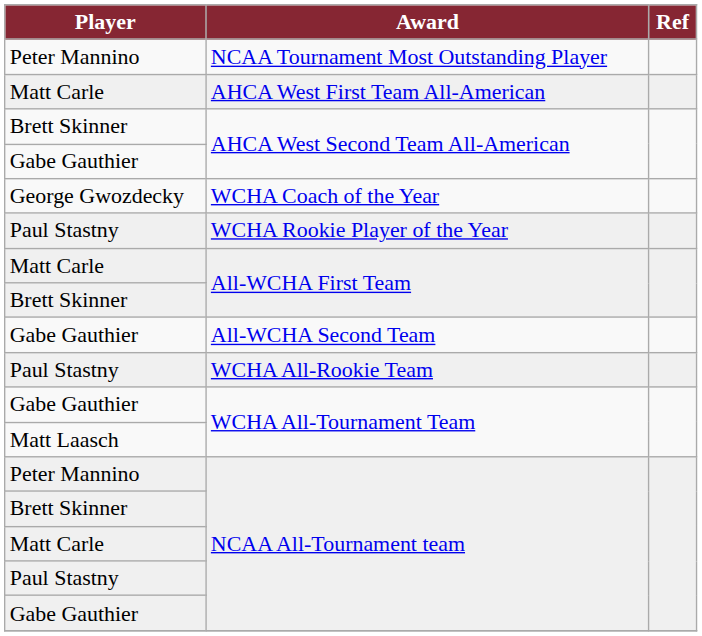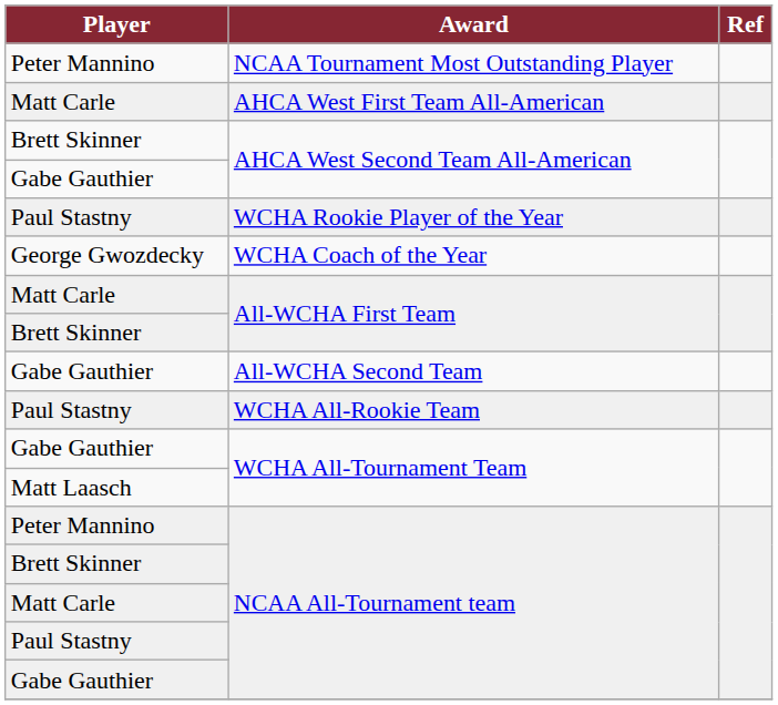 <table class="wikitable" width=40%>
 <tr>
 <th style="color:white; background:#862633; ">Player</th>
 <th style="color:white; background:#862633; ">Award</th>
 <th style="color:white; background:#862633; ">Ref</th>
 </tr>
 <tr>
 <td>Peter Mannino</td>
 <td rowspan=1><a href='#'>NCAA Tournament Most Outstanding Player</a></td>
 <td rowspan=1></td>
 </tr>
 <tr bgcolor=f0f0f0>
 <td>Matt Carle</td>
 <td rowspan=1><a href='#'>AHCA West First Team All-American</a></td>
 <td rowspan=1></td>
 </tr>
 <tr>
 <td>Brett Skinner</td>
 <td rowspan=2><a href='#'>AHCA West Second Team All-American</a></td>
 <td rowspan=2></td>
 </tr>
 <tr>
 <td>Gabe Gauthier</td>
 </tr>
+<tr bgcolor=f0f0f0>
+<td>Paul Stastny</td>
+<td rowspan=1><a href='#'>WCHA Rookie Player of the Year</a></td>
+<td rowspan=1></td>
+</tr>
 <tr>
 <td>George Gwozdecky</td>
 <td rowspan=1><a href='#'>WCHA Coach of the Year</a></td>
-<td rowspan=1></td>
-</tr>
-<tr bgcolor=f0f0f0>
-<td>Paul Stastny</td>
-<td rowspan=1><a href='#'>WCHA Rookie Player of the Year</a></td>
 <td rowspan=1></td>
 </tr>
 <tr bgcolor=f0f0f0>
 <td>Matt Carle</td>
 <td rowspan=2><a href='#'>All-WCHA First Team</a></td>
 <td rowspan=2></td>
 </tr>
 <tr bgcolor=f0f0f0>
 <td>Brett Skinner</td>
 </tr>
 <tr>
 <td>Gabe Gauthier</td>
 <td rowspan=1><a href='#'>All-WCHA Second Team</a></td>
 <td rowspan=1></td>
 </tr>
 <tr bgcolor=f0f0f0>
 <td>Paul Stastny</td>
 <td rowspan=1><a href='#'>WCHA All-Rookie Team</a></td>
 <td rowspan=1></td>
 </tr>
 <tr>
 <td>Gabe Gauthier</td>
 <td rowspan=2><a href='#'>WCHA All-Tournament Team</a></td>
 <td rowspan=2></td>
 </tr>
 <tr>
 <td>Matt Laasch</td>
 </tr>
 <tr bgcolor=f0f0f0>
 <td>Peter Mannino</td>
 <td rowspan=5><a href='#'>NCAA All-Tournament team</a></td>
 <td rowspan=5></td>
 </tr>
 <tr bgcolor=f0f0f0>
 <td>Brett Skinner</td>
 </tr>
 <tr bgcolor=f0f0f0>
 <td>Matt Carle</td>
 </tr>
 <tr bgcolor=f0f0f0>
 <td>Paul Stastny</td>
 </tr>
 <tr bgcolor=f0f0f0>
 <td>Gabe Gauthier</td>
 </tr>
 <tr>
 </tr>
 </table>
